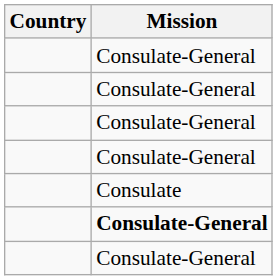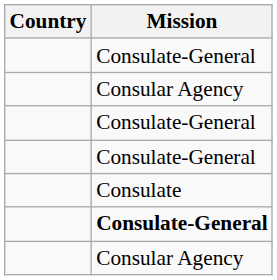 <table class=wikitable>
 <tr>
 <th>Country</th>
 <th>Mission</th>
 </tr>
 <tr>
 <td></td>
 <td>Consulate-General</td>
 </tr>
 <tr>
 <td></td>
-<td>Consulate-General</td>
+<td>Consular Agency</td>
 </tr>
 <tr>
 <td></td>
 <td>Consulate-General</td>
 </tr>
 <tr>
 <td></td>
 <td>Consulate-General</td>
 </tr>
 <tr>
 <td></td>
 <td>Consulate</td>
 </tr>
 <tr>
 <td></td>
 <td><strong>Consulate-General</strong></td>
 </tr>
 <tr>
 <td></td>
-<td>Consulate-General</td>
+<td>Consular Agency</td>
 </tr>
 </table>
